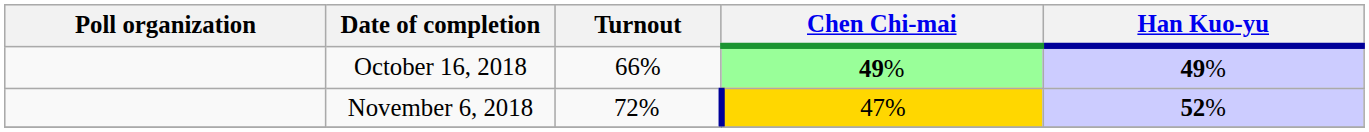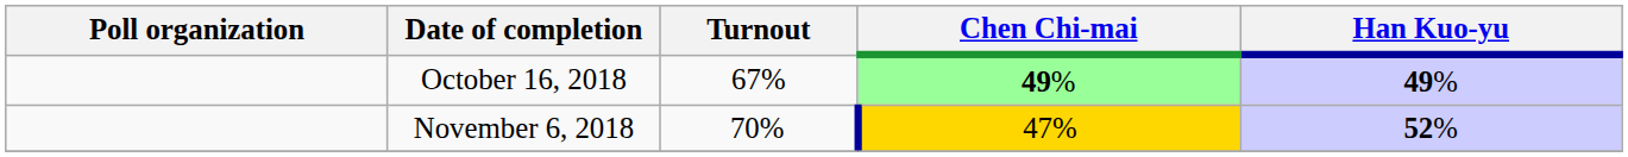 <table class="wikitable collapsible autocollapse" style="text-align:center">
 <tr>
 <th style="width:200px;">Poll organization</th>
 <th style="width:140px;">Date of completion</th>
 <th style="width:100px;">Turnout</th>
 <th style="width:200px; border-bottom:4px solid #1B9431;"> <a href='#'>Chen Chi-mai</a></th>
 <th style="width:200px; border-bottom:4px solid #000099;"> <a href='#'>Han Kuo-yu</a></th>
 </tr>
 <tr>
 <td></td>
 <td>October 16, 2018</td>
-<td>66%</td>
+<td>67%</td>
 <td style="background-color:#99FF99; "><strong>49</strong>%</td>
 <td style="background-color:#CCCCFF; "><strong>49</strong>%</td>
 </tr>
 <tr>
 <td></td>
 <td>November 6, 2018</td>
-<td>72%</td>
+<td>70%</td>
 <td style="background: gold; border-left:4px solid #000099;">47%</td>
 <td style="background-color:#CCCCFF;"><strong>52</strong>%</td>
 </tr>
 <tr>
 </tr>
 </table>
